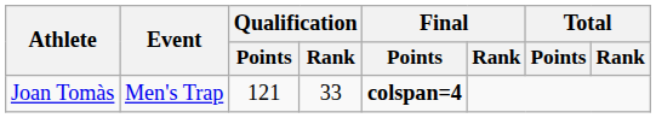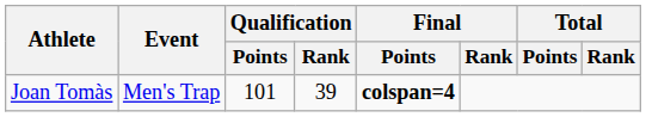 <table class=wikitable style=font-size:90%;text-align:center>
 <tr>
 <th rowspan=2>Athlete</th>
 <th rowspan=2>Event</th>
 <th colspan=2>Qualification</th>
 <th colspan=2>Final</th>
 <th colspan=2>Total</th>
 </tr>
 <tr style=font-size:95%>
 <th>Points</th>
 <th>Rank</th>
 <th>Points</th>
 <th>Rank</th>
 <th>Points</th>
 <th>Rank</th>
 </tr>
 <tr>
 <td align=left><a href='#'>Joan Tomàs</a></td>
 <td align=left><a href='#'>Men's Trap</a></td>
-<td>121</td>
-<td>33</td>
+<td>101</td>
+<td>39</td>
 <td><strong>colspan=4 </strong></td>
 </tr>
 </table>
